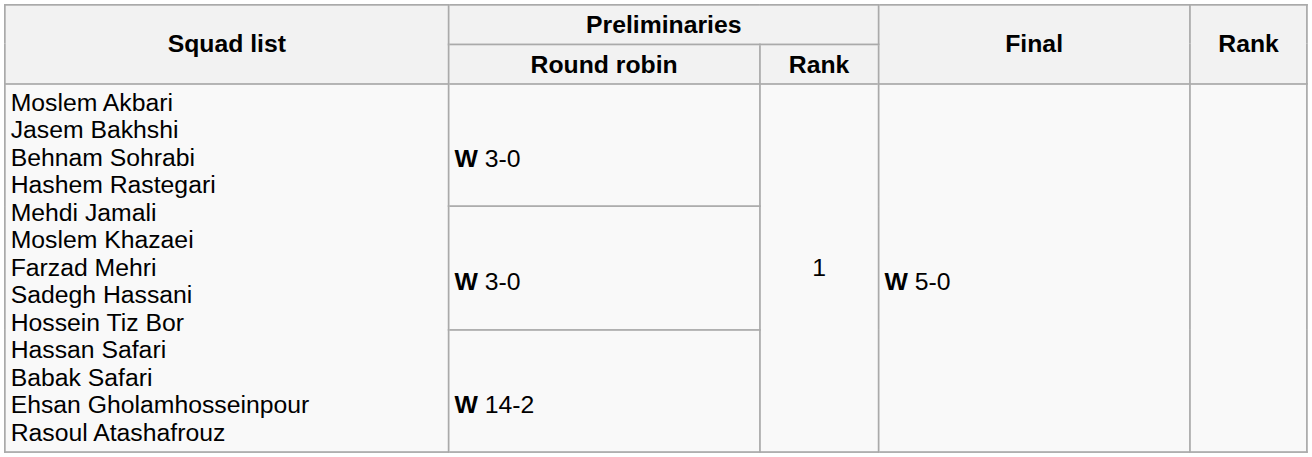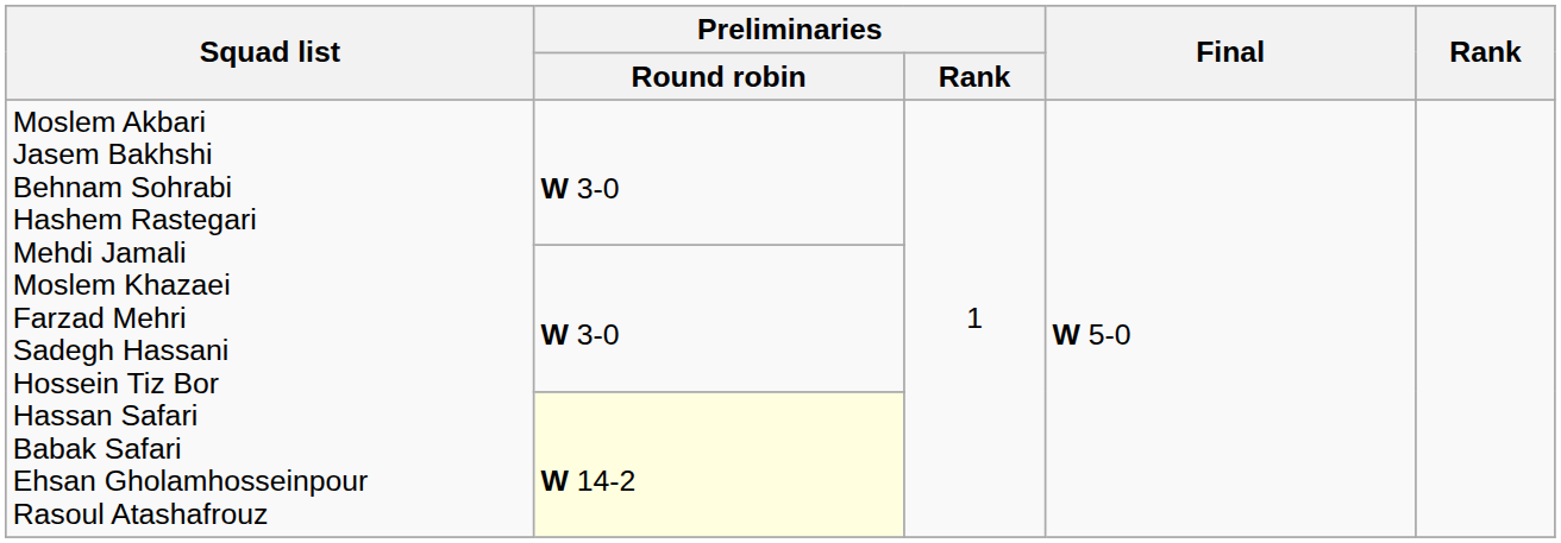 <table class="wikitable" width="60%" style="text-align:left; font-size:90%">
 <tr>
 <th rowspan="2" width="20%">Squad list</th>
 <th colspan="2">Preliminaries</th>
 <th rowspan="2" width="14%">Final</th>
 <th rowspan="2" width="5%">Rank</th>
 </tr>
 <tr>
 <th width="14%">Round robin</th>
 <th width="5%">Rank</th>
 </tr>
 <tr>
 <td rowspan="3">Moslem Akbari<br>Jasem Bakhshi<br>Behnam Sohrabi<br>Hashem Rastegari<br>Mehdi Jamali<br>Moslem Khazaei<br>Farzad Mehri<br>Sadegh Hassani<br>Hossein Tiz Bor<br>Hassan Safari<br>Babak Safari<br>Ehsan Gholamhosseinpour<br>Rasoul Atashafrouz</td>
 <td><br><strong>W</strong>  3-0</td>
 <td rowspan="3" align=center>1<strong></strong></td>
 <td rowspan="3"><br><strong>W</strong>  5-0</td>
 <td rowspan="3" align="center"></td>
 </tr>
 <tr>
 <td><br><strong>W</strong>  3-0</td>
 </tr>
 <tr>
-<td><br><strong>W</strong>  14-2</td>
+<td style="background: lightyellow;"><br><strong>W</strong>  14-2</td>
 </tr>
 </table>
